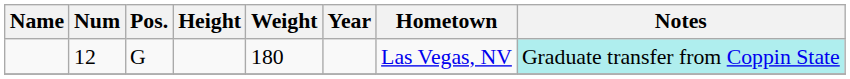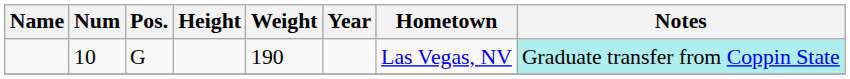 <table class="wikitable sortable" border="1">
 <tr>
 <th>Name</th>
 <th>Num</th>
 <th>Pos.</th>
 <th>Height</th>
 <th>Weight</th>
 <th>Year</th>
 <th>Hometown</th>
 <th class="unsortable">Notes</th>
 </tr>
 <tr>
 <td><strong></strong></td>
-<td>12</td>
+<td>10</td>
 <td>G</td>
 <td></td>
-<td>180</td>
+<td>190</td>
 <td></td>
 <td><a href='#'>Las Vegas, NV</a></td>
 <td style="background: paleturquoise;">Graduate transfer from <a href='#'>Coppin State</a></td>
 </tr>
 <tr>
 </tr>
 </table>
